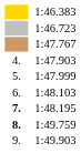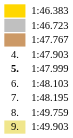 <table style="text-align:center">
 <tr>
 <td width=30 bgcolor=gold></td>
 <td align=left></td>
 <td width=60>1:46.383</td>
 </tr>
 <tr>
 <td bgcolor=silver></td>
 <td align=left></td>
 <td>1:46.723</td>
 </tr>
 <tr>
 <td bgcolor=cc9966></td>
 <td align=left></td>
 <td>1:47.767</td>
 </tr>
 <tr>
 <td>4.</td>
 <td align=left></td>
 <td>1:47.903</td>
 </tr>
 <tr>
-<td>5.</td>
+<td><strong>5.</strong></td>
 <td align=left></td>
 <td>1:47.999</td>
 </tr>
 <tr>
 <td>6.</td>
 <td align=left></td>
 <td>1:48.103</td>
 </tr>
 <tr>
-<td><strong>7.</strong></td>
+<td>7.</td>
 <td align=left></td>
 <td>1:48.195</td>
 </tr>
 <tr>
-<td><strong>8.</strong></td>
+<td>8.</td>
 <td align=left></td>
 <td>1:49.759</td>
 </tr>
 <tr>
-<td>9.</td>
+<td style="background: khaki;">9.</td>
 <td align=left></td>
 <td>1:49.903</td>
 </tr>
 </table>
